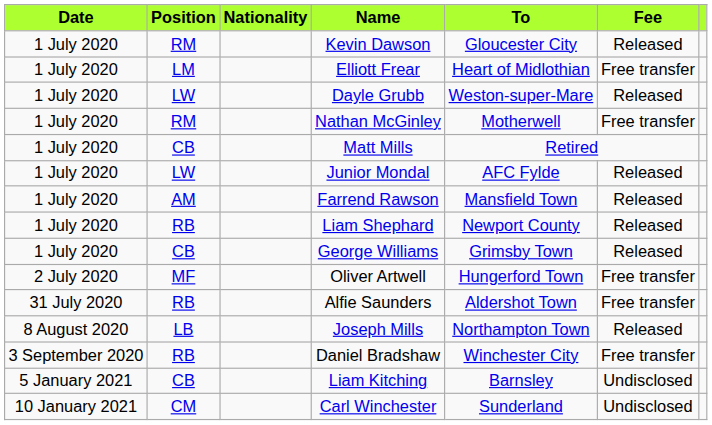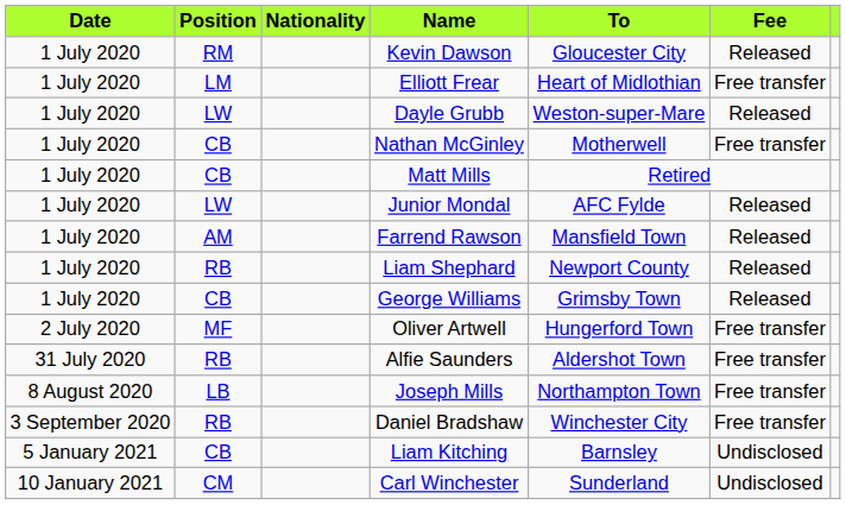 <table class="wikitable"  style="text-align:center; font-size:90%; ">
 <tr>
 <th style="background:#ADFF2F;color:black;">Date</th>
 <th style="background:#ADFF2F;color:black;">Position</th>
 <th style="background:#ADFF2F;color:black;">Nationality</th>
 <th style="background:#ADFF2F;color:black;">Name</th>
 <th style="background:#ADFF2F;color:black;">To</th>
 <th style="background:#ADFF2F;color:black;">Fee</th>
 <th style="background:#ADFF2F;color:black;"></th>
 </tr>
 <tr>
 <td>1 July 2020</td>
 <td><a href='#'>RM</a></td>
 <td></td>
 <td><a href='#'>Kevin Dawson</a></td>
 <td> <a href='#'>Gloucester City</a></td>
 <td>Released</td>
 <td></td>
 </tr>
 <tr>
 <td>1 July 2020</td>
 <td><a href='#'>LM</a></td>
 <td></td>
 <td><a href='#'>Elliott Frear</a></td>
 <td> <a href='#'>Heart of Midlothian</a></td>
 <td>Free transfer</td>
 <td></td>
 </tr>
 <tr>
 <td>1 July 2020</td>
 <td><a href='#'>LW</a></td>
 <td></td>
 <td><a href='#'>Dayle Grubb</a></td>
 <td> <a href='#'>Weston-super-Mare</a></td>
 <td>Released</td>
 <td></td>
 </tr>
 <tr>
 <td>1 July 2020</td>
-<td><a href='#'>RM</a></td>
+<td><a href='#'>CB</a></td>
 <td></td>
 <td><a href='#'>Nathan McGinley</a></td>
 <td> <a href='#'>Motherwell</a></td>
 <td>Free transfer</td>
 <td></td>
 </tr>
 <tr>
 <td>1 July 2020</td>
 <td><a href='#'>CB</a></td>
 <td></td>
 <td><a href='#'>Matt Mills</a></td>
 <td colspan="2"> <a href='#'>Retired</a></td>
 <td></td>
 </tr>
 <tr>
 <td>1 July 2020</td>
 <td><a href='#'>LW</a></td>
 <td></td>
 <td><a href='#'>Junior Mondal</a></td>
 <td> <a href='#'>AFC Fylde</a></td>
 <td>Released</td>
 <td></td>
 </tr>
 <tr>
 <td>1 July 2020</td>
 <td><a href='#'>AM</a></td>
 <td></td>
 <td><a href='#'>Farrend Rawson</a></td>
 <td> <a href='#'>Mansfield Town</a></td>
 <td>Released</td>
 <td></td>
 </tr>
 <tr>
 <td>1 July 2020</td>
 <td><a href='#'>RB</a></td>
 <td></td>
 <td><a href='#'>Liam Shephard</a></td>
 <td> <a href='#'>Newport County</a></td>
 <td>Released</td>
 <td></td>
 </tr>
 <tr>
 <td>1 July 2020</td>
 <td><a href='#'>CB</a></td>
 <td></td>
 <td><a href='#'>George Williams</a></td>
 <td> <a href='#'>Grimsby Town</a></td>
 <td>Released</td>
 <td></td>
 </tr>
 <tr>
 <td>2 July 2020</td>
 <td><a href='#'>MF</a></td>
 <td></td>
 <td>Oliver Artwell</td>
 <td> <a href='#'>Hungerford Town</a></td>
 <td>Free transfer</td>
 <td></td>
 </tr>
 <tr>
 <td>31 July 2020</td>
 <td><a href='#'>RB</a></td>
 <td></td>
 <td>Alfie Saunders</td>
 <td> <a href='#'>Aldershot Town</a></td>
 <td>Free transfer</td>
 <td></td>
 </tr>
 <tr>
 <td>8 August 2020</td>
 <td><a href='#'>LB</a></td>
 <td></td>
 <td><a href='#'>Joseph Mills</a></td>
 <td> <a href='#'>Northampton Town</a></td>
-<td>Released</td>
+<td>Free transfer</td>
 <td></td>
 </tr>
 <tr>
 <td>3 September 2020</td>
 <td><a href='#'>RB</a></td>
 <td></td>
 <td>Daniel Bradshaw</td>
 <td> <a href='#'>Winchester City</a></td>
 <td>Free transfer</td>
 <td></td>
 </tr>
 <tr>
 <td>5 January 2021</td>
 <td><a href='#'>CB</a></td>
 <td></td>
 <td><a href='#'>Liam Kitching</a></td>
 <td> <a href='#'>Barnsley</a></td>
 <td>Undisclosed</td>
 <td></td>
 </tr>
 <tr>
 <td>10 January 2021</td>
 <td><a href='#'>CM</a></td>
 <td></td>
 <td><a href='#'>Carl Winchester</a></td>
 <td> <a href='#'>Sunderland</a></td>
 <td>Undisclosed</td>
 <td></td>
 </tr>
 </table>
